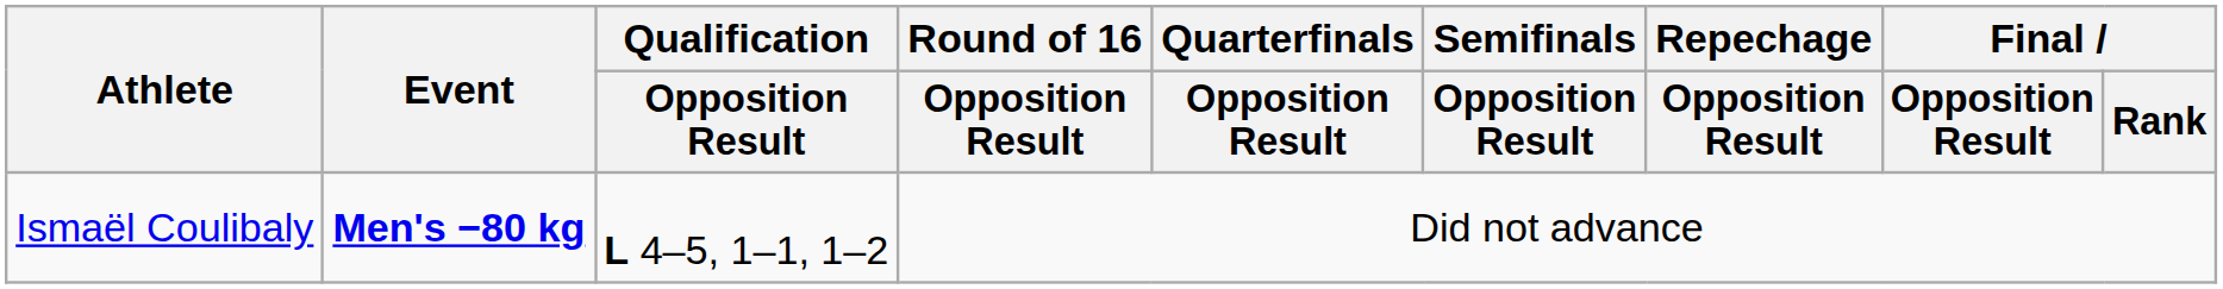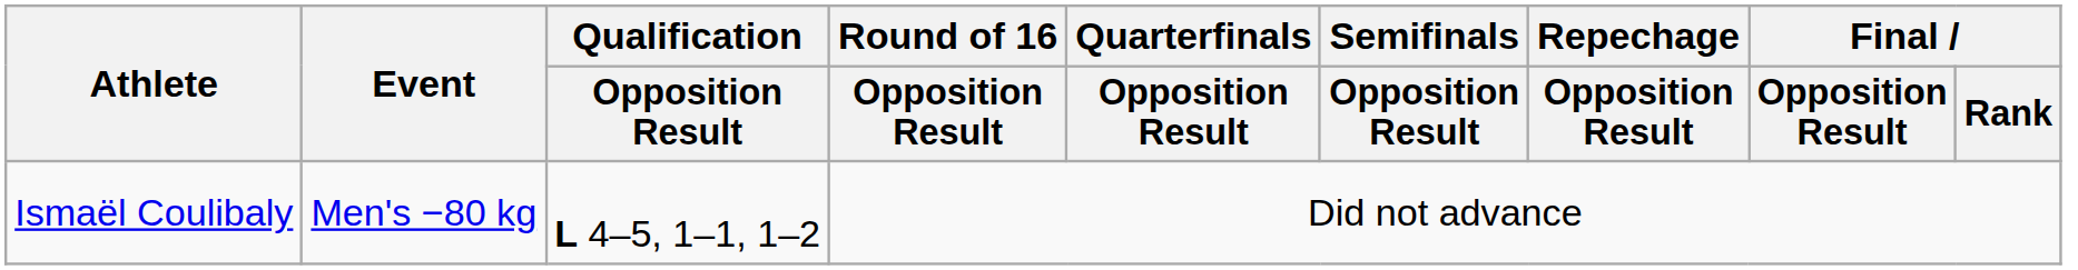 <table class=wikitable style=font-size:90%;text-align:center>
 <tr>
 <th rowspan=2>Athlete</th>
 <th rowspan=2>Event</th>
 <th>Qualification</th>
 <th>Round of 16</th>
 <th>Quarterfinals</th>
 <th>Semifinals</th>
 <th>Repechage</th>
 <th colspan=2>Final / </th>
 </tr>
 <tr style=font-size:95%>
 <th>Opposition<br>Result</th>
 <th>Opposition<br>Result</th>
 <th>Opposition<br>Result</th>
 <th>Opposition<br>Result</th>
 <th>Opposition<br>Result</th>
 <th>Opposition<br>Result</th>
 <th>Rank</th>
 </tr>
 <tr align=center>
 <td align=left><a href='#'>Ismaël Coulibaly</a></td>
-<td align=left><strong><a href='#'>Men's −80 kg</a></strong></td>
+<td align=left><a href='#'>Men's −80 kg</a></td>
 <td><br><strong>L</strong> 4–5, 1–1, 1–2</td>
 <td colspan="6">Did not advance</td>
 </tr>
 </table>
